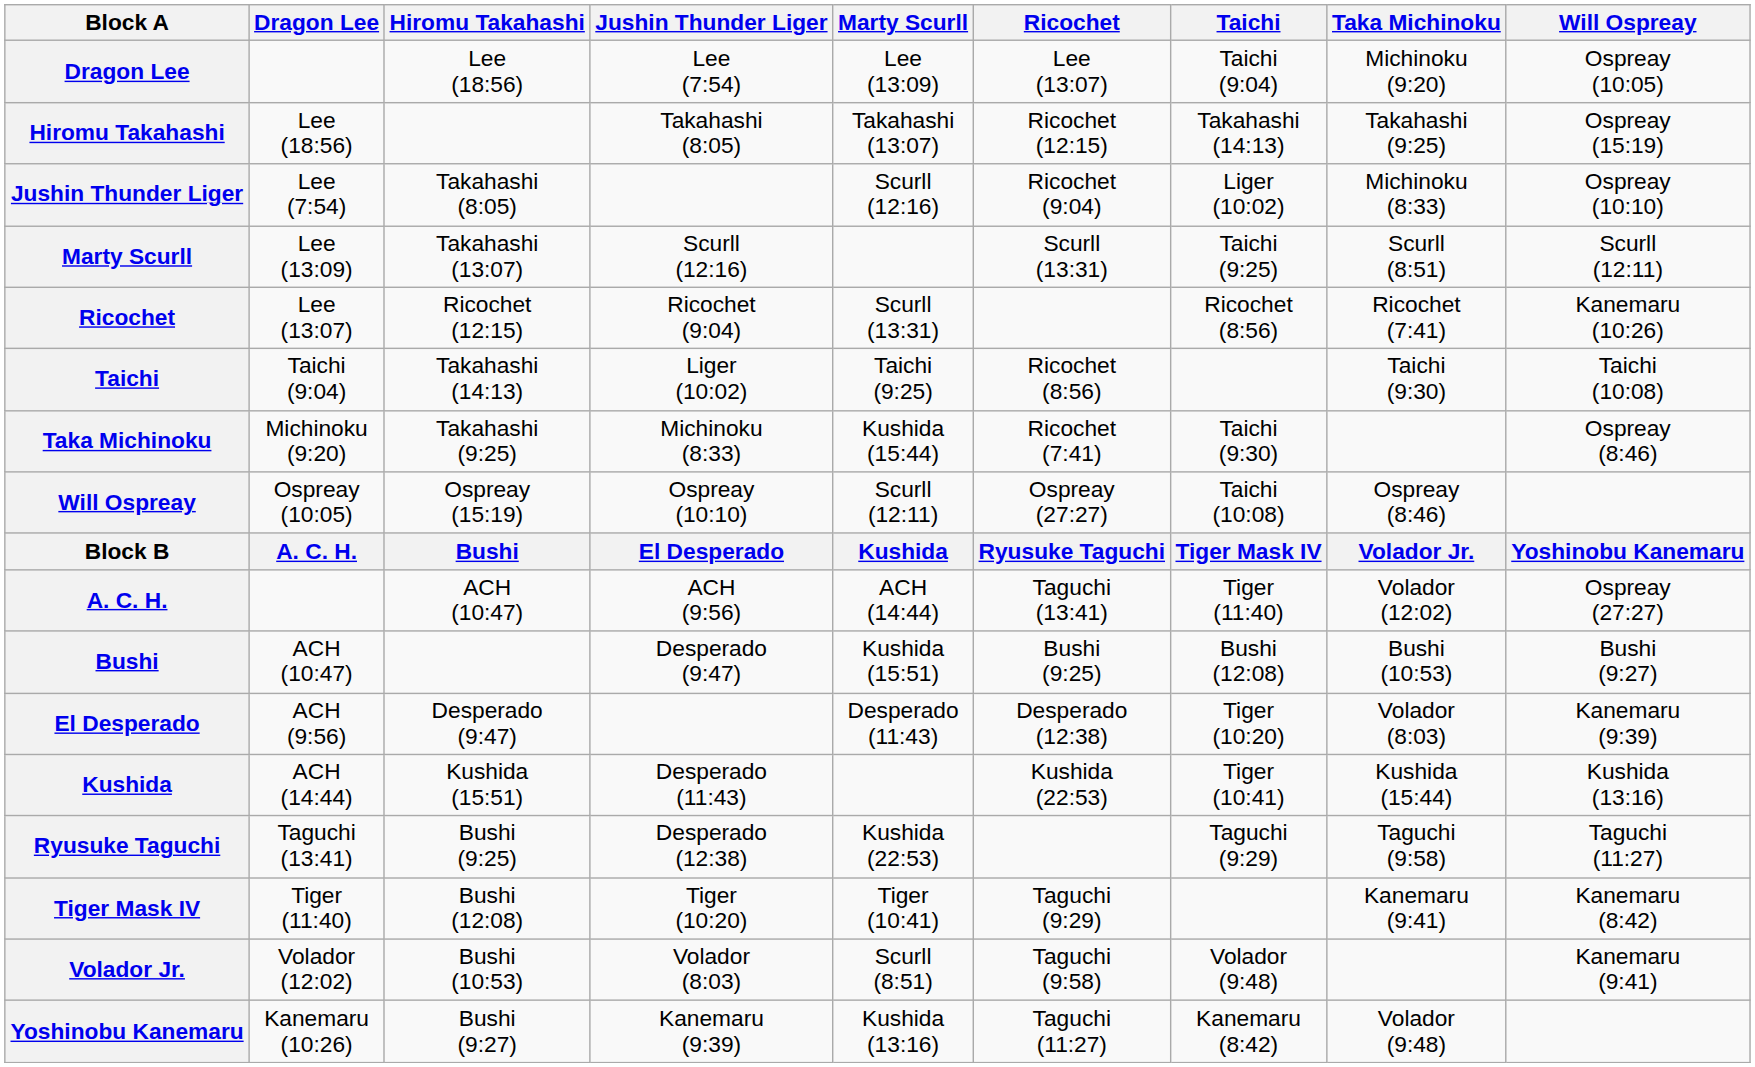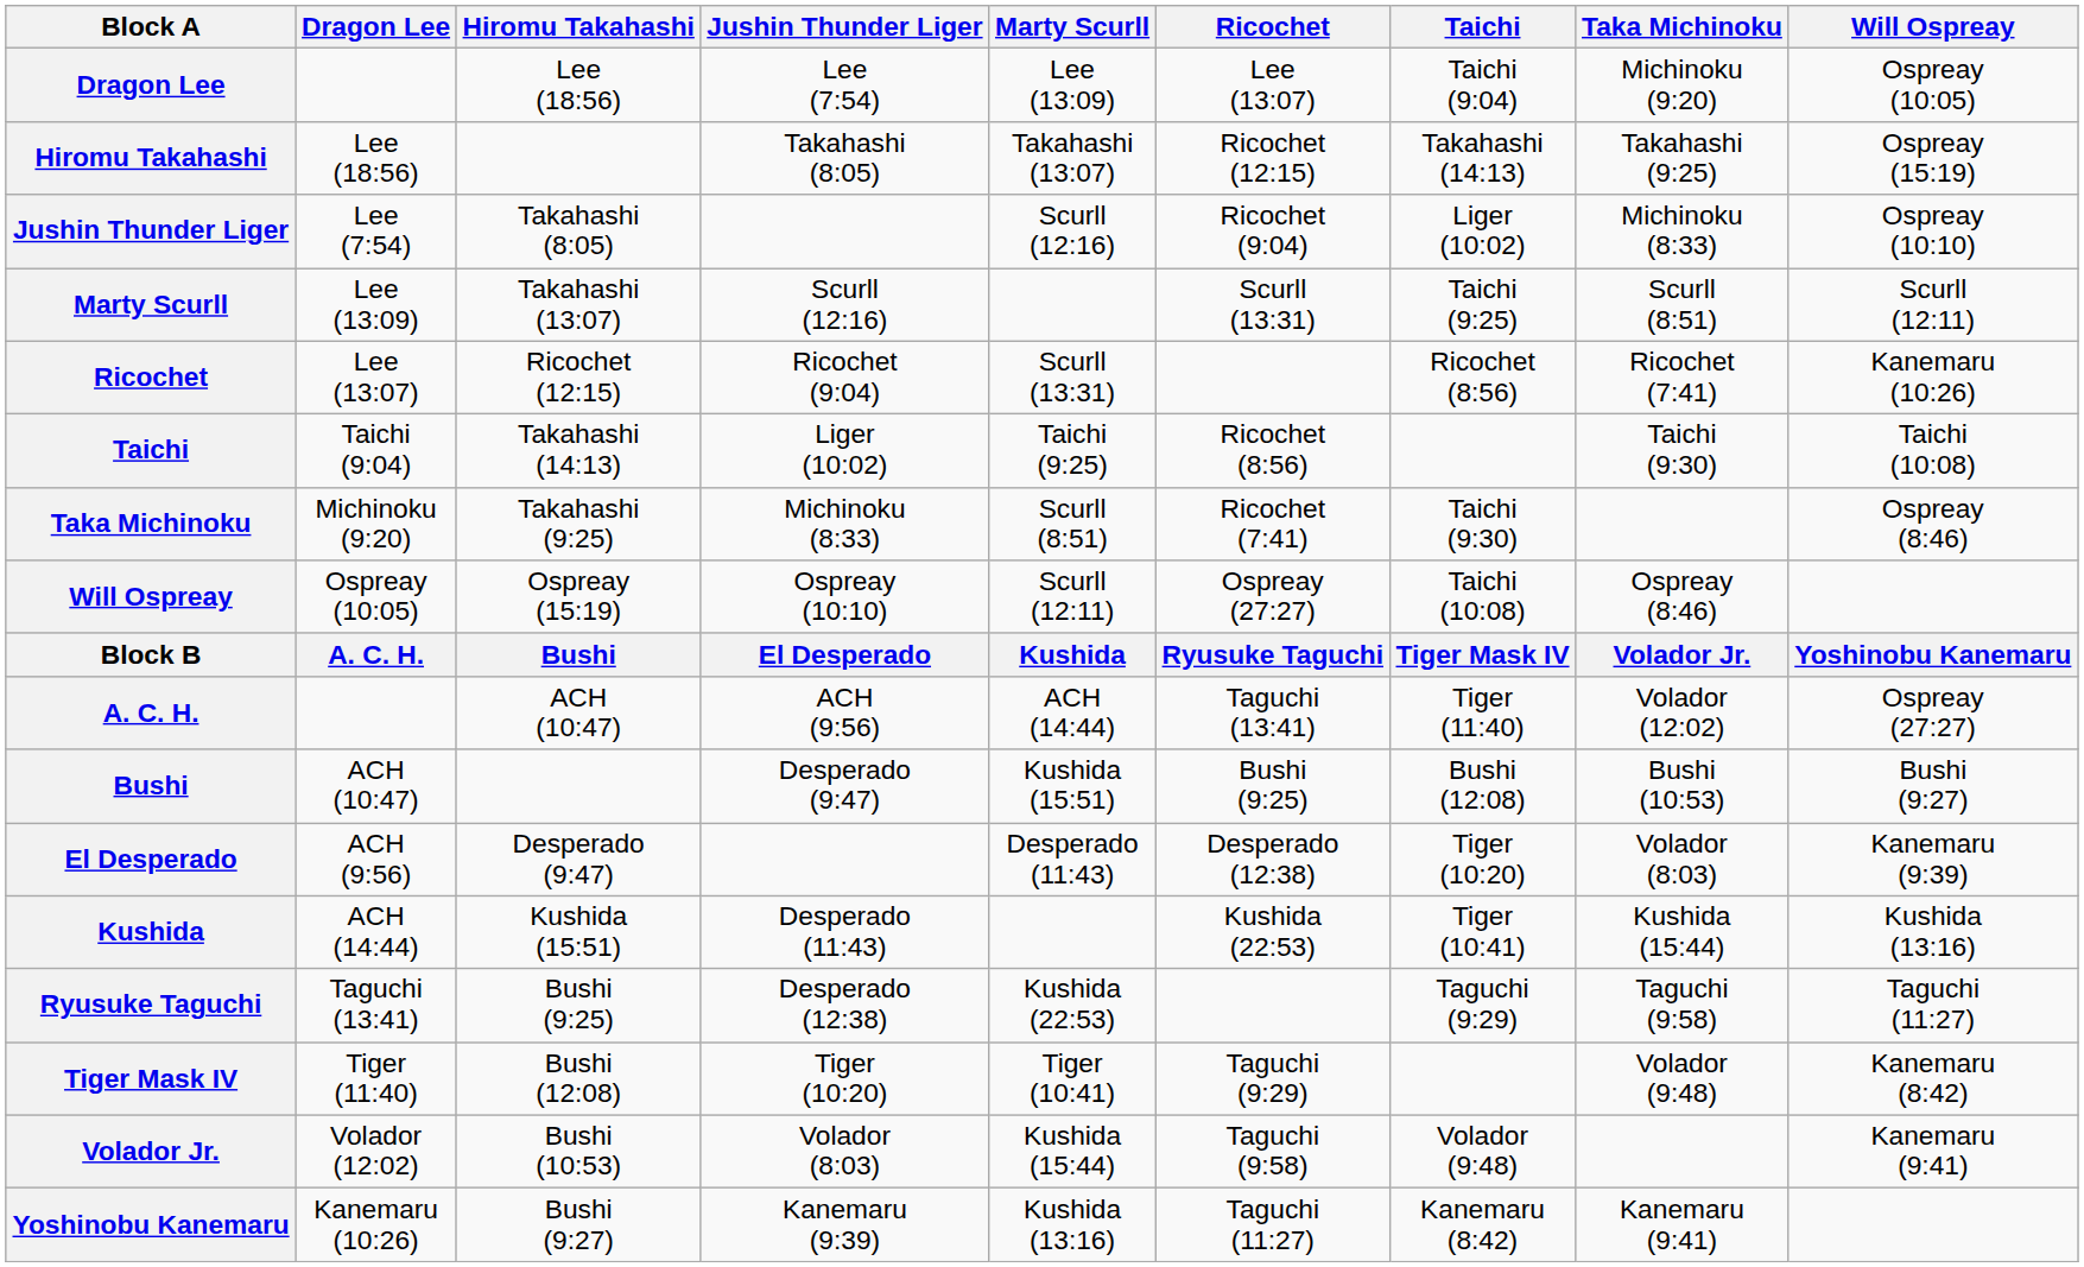 <table class="wikitable" style="margin: 1em auto 1em auto">
 <tr align="center">
 <th>Block A</th>
 <th><a href='#'>Dragon Lee</a></th>
 <th><a href='#'>Hiromu Takahashi</a></th>
 <th><a href='#'>Jushin Thunder Liger</a></th>
 <th><a href='#'>Marty Scurll</a></th>
 <th><a href='#'>Ricochet</a></th>
 <th><a href='#'>Taichi</a></th>
 <th><a href='#'>Taka Michinoku</a></th>
 <th><a href='#'>Will Ospreay</a></th>
 </tr>
 <tr align="center">
 <th><a href='#'>Dragon Lee</a></th>
 <td></td>
 <td>Lee<br>(18:56)</td>
 <td>Lee<br>(7:54)</td>
 <td>Lee<br>(13:09)</td>
 <td>Lee<br>(13:07)</td>
 <td>Taichi<br>(9:04)</td>
 <td>Michinoku<br>(9:20)</td>
 <td>Ospreay<br>(10:05)</td>
 </tr>
 <tr align="center">
 <th><a href='#'>Hiromu Takahashi</a></th>
 <td>Lee<br>(18:56)</td>
 <td></td>
 <td>Takahashi<br>(8:05)</td>
 <td>Takahashi<br>(13:07)</td>
 <td>Ricochet<br>(12:15)</td>
 <td>Takahashi<br>(14:13)</td>
 <td>Takahashi<br>(9:25)</td>
 <td>Ospreay<br>(15:19)</td>
 </tr>
 <tr align="center">
 <th><a href='#'>Jushin Thunder Liger</a></th>
 <td>Lee<br>(7:54)</td>
 <td>Takahashi<br>(8:05)</td>
 <td></td>
 <td>Scurll<br>(12:16)</td>
 <td>Ricochet<br>(9:04)</td>
 <td>Liger<br>(10:02)</td>
 <td>Michinoku<br>(8:33)</td>
 <td>Ospreay<br>(10:10)</td>
 </tr>
 <tr align="center">
 <th><a href='#'>Marty Scurll</a></th>
 <td>Lee<br>(13:09)</td>
 <td>Takahashi<br>(13:07)</td>
 <td>Scurll<br>(12:16)</td>
 <td></td>
 <td>Scurll<br>(13:31)</td>
 <td>Taichi<br>(9:25)</td>
 <td>Scurll<br>(8:51)</td>
 <td>Scurll<br>(12:11)</td>
 </tr>
 <tr align="center">
 <th><a href='#'>Ricochet</a></th>
 <td>Lee<br>(13:07)</td>
 <td>Ricochet<br>(12:15)</td>
 <td>Ricochet<br>(9:04)</td>
 <td>Scurll<br>(13:31)</td>
 <td></td>
 <td>Ricochet<br>(8:56)</td>
 <td>Ricochet<br>(7:41)</td>
 <td>Kanemaru<br>(10:26)</td>
 </tr>
 <tr align="center">
 <th><a href='#'>Taichi</a></th>
 <td>Taichi<br>(9:04)</td>
 <td>Takahashi<br>(14:13)</td>
 <td>Liger<br>(10:02)</td>
 <td>Taichi<br>(9:25)</td>
 <td>Ricochet<br>(8:56)</td>
 <td></td>
 <td>Taichi<br>(9:30)</td>
 <td>Taichi<br>(10:08)</td>
 </tr>
 <tr align="center">
 <th><a href='#'>Taka Michinoku</a></th>
 <td>Michinoku<br>(9:20)</td>
 <td>Takahashi<br>(9:25)</td>
 <td>Michinoku<br>(8:33)</td>
-<td>Kushida<br>(15:44)</td>
+<td>Scurll<br>(8:51)</td>
 <td>Ricochet<br>(7:41)</td>
 <td>Taichi<br>(9:30)</td>
 <td></td>
 <td>Ospreay<br>(8:46)</td>
 </tr>
 <tr align="center">
 <th><a href='#'>Will Ospreay</a></th>
 <td>Ospreay<br>(10:05)</td>
 <td>Ospreay<br>(15:19)</td>
 <td>Ospreay<br>(10:10)</td>
 <td>Scurll<br>(12:11)</td>
 <td>Ospreay<br>(27:27)</td>
 <td>Taichi<br>(10:08)</td>
 <td>Ospreay<br>(8:46)</td>
 <td></td>
 </tr>
 <tr align="center">
 <th>Block B</th>
 <th><a href='#'>A. C. H.</a></th>
 <th><a href='#'>Bushi</a></th>
 <th><a href='#'>El Desperado</a></th>
 <th><a href='#'>Kushida</a></th>
 <th><a href='#'>Ryusuke Taguchi</a></th>
 <th><a href='#'>Tiger Mask IV</a></th>
 <th><a href='#'>Volador Jr.</a></th>
 <th><a href='#'>Yoshinobu Kanemaru</a></th>
 </tr>
 <tr align="center">
 <th><a href='#'>A. C. H.</a></th>
 <td></td>
 <td>ACH<br>(10:47)</td>
 <td>ACH<br>(9:56)</td>
 <td>ACH<br>(14:44)</td>
 <td>Taguchi<br>(13:41)</td>
 <td>Tiger<br>(11:40)</td>
 <td>Volador<br>(12:02)</td>
 <td>Ospreay<br>(27:27)</td>
 </tr>
 <tr align="center">
 <th><a href='#'>Bushi</a></th>
 <td>ACH<br>(10:47)</td>
 <td></td>
 <td>Desperado<br>(9:47)</td>
 <td>Kushida<br>(15:51)</td>
 <td>Bushi<br>(9:25)</td>
 <td>Bushi<br>(12:08)</td>
 <td>Bushi<br>(10:53)</td>
 <td>Bushi<br>(9:27)</td>
 </tr>
 <tr align="center">
 <th><a href='#'>El Desperado</a></th>
 <td>ACH<br>(9:56)</td>
 <td>Desperado<br>(9:47)</td>
 <td></td>
 <td>Desperado<br>(11:43)</td>
 <td>Desperado<br>(12:38)</td>
 <td>Tiger<br>(10:20)</td>
 <td>Volador<br>(8:03)</td>
 <td>Kanemaru<br>(9:39)</td>
 </tr>
 <tr align="center">
 <th><a href='#'>Kushida</a></th>
 <td>ACH<br>(14:44)</td>
 <td>Kushida<br>(15:51)</td>
 <td>Desperado<br>(11:43)</td>
 <td></td>
 <td>Kushida<br>(22:53)</td>
 <td>Tiger<br>(10:41)</td>
 <td>Kushida<br>(15:44)</td>
 <td>Kushida<br>(13:16)</td>
 </tr>
 <tr align="center">
 <th><a href='#'>Ryusuke Taguchi</a></th>
 <td>Taguchi<br>(13:41)</td>
 <td>Bushi<br>(9:25)</td>
 <td>Desperado<br>(12:38)</td>
 <td>Kushida<br>(22:53)</td>
 <td></td>
 <td>Taguchi<br>(9:29)</td>
 <td>Taguchi<br>(9:58)</td>
 <td>Taguchi<br>(11:27)</td>
 </tr>
 <tr align="center">
 <th><a href='#'>Tiger Mask IV</a></th>
 <td>Tiger<br>(11:40)</td>
 <td>Bushi<br>(12:08)</td>
 <td>Tiger<br>(10:20)</td>
 <td>Tiger<br>(10:41)</td>
 <td>Taguchi<br>(9:29)</td>
 <td></td>
-<td>Kanemaru<br>(9:41)</td>
+<td>Volador<br>(9:48)</td>
 <td>Kanemaru<br>(8:42)</td>
 </tr>
 <tr align="center">
 <th><a href='#'>Volador Jr.</a></th>
 <td>Volador<br>(12:02)</td>
 <td>Bushi<br>(10:53)</td>
 <td>Volador<br>(8:03)</td>
-<td>Scurll<br>(8:51)</td>
+<td>Kushida<br>(15:44)</td>
 <td>Taguchi<br>(9:58)</td>
 <td>Volador<br>(9:48)</td>
 <td></td>
 <td>Kanemaru<br>(9:41)</td>
 </tr>
 <tr align="center">
 <th><a href='#'>Yoshinobu Kanemaru</a></th>
 <td>Kanemaru<br>(10:26)</td>
 <td>Bushi<br>(9:27)</td>
 <td>Kanemaru<br>(9:39)</td>
 <td>Kushida<br>(13:16)</td>
 <td>Taguchi<br>(11:27)</td>
 <td>Kanemaru<br>(8:42)</td>
-<td>Volador<br>(9:48)</td>
+<td>Kanemaru<br>(9:41)</td>
 <td></td>
 </tr>
 </table>
